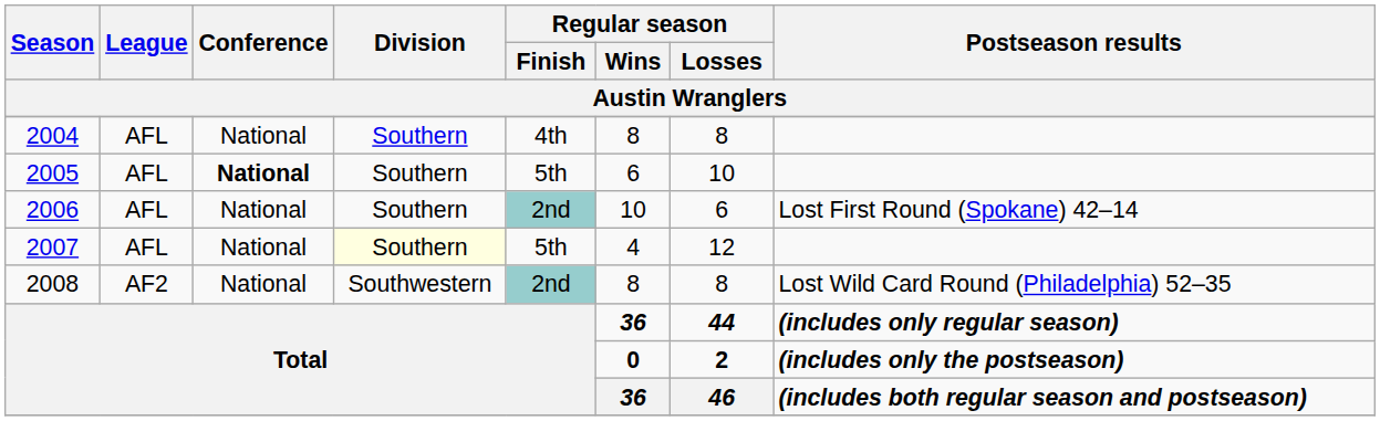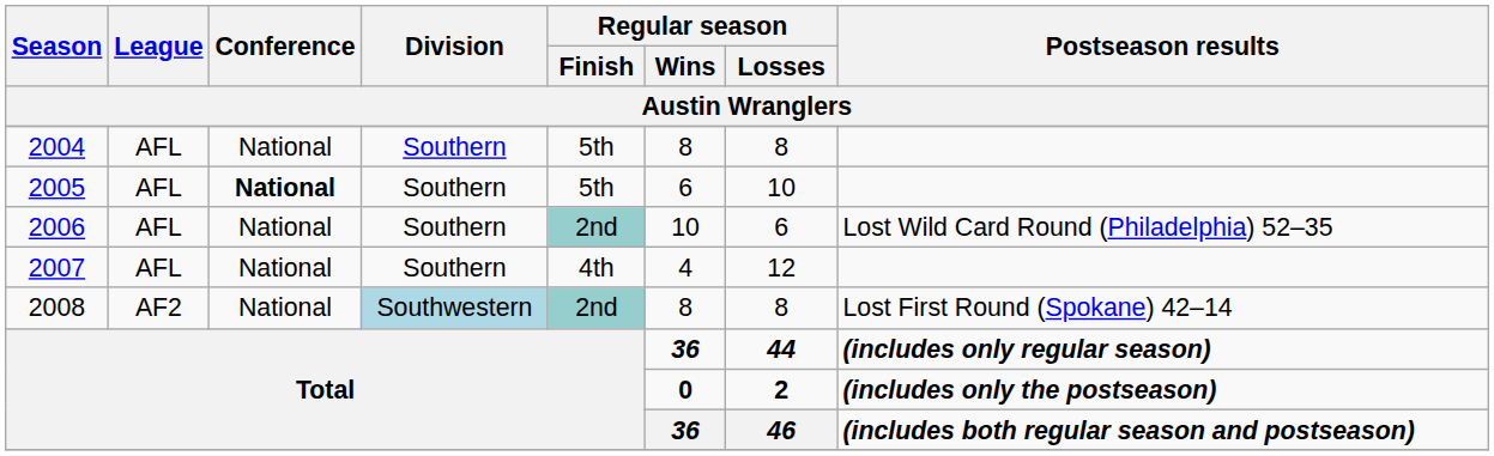 <table class="wikitable" style="font-size: 95%; width:70%;">
 <tr>
 <th rowspan="2" style="width:5%;"><a href='#'>Season</a></th>
 <th rowspan="2" style="width:5%;"><a href='#'>League</a></th>
 <th rowspan="2" style="width:5%;">Conference</th>
 <th rowspan="2">Division</th>
 <th colspan="3">Regular season</th>
 <th rowspan="2">Postseason results</th>
 </tr>
 <tr>
 <th>Finish</th>
 <th>Wins</th>
 <th>Losses</th>
 </tr>
 <tr>
 <th colspan="8">Austin Wranglers</th>
 </tr>
 <tr>
 </tr>
 <tr>
 <td align="center"><a href='#'>2004</a></td>
 <td align="center">AFL</td>
 <td align="center">National</td>
 <td align="center"><a href='#'>Southern</a></td>
-<td align="center">4th</td>
+<td align="center">5th</td>
 <td align="center">8</td>
 <td align="center">8</td>
 <td></td>
 </tr>
 <tr>
 <td align="center"><a href='#'>2005</a></td>
 <td align="center">AFL</td>
 <td align="center"><strong>National</strong></td>
 <td align="center">Southern</td>
 <td align="center">5th</td>
 <td align="center">6</td>
 <td align="center">10</td>
 <td></td>
 </tr>
 <tr>
 <td align="center"><a href='#'>2006</a></td>
 <td align="center">AFL</td>
 <td align="center">National</td>
 <td align="center">Southern</td>
 <td align="center" bgcolor="#96CDCD">2nd</td>
 <td align="center">10</td>
 <td align="center">6</td>
-<td>Lost First Round (<a href='#'>Spokane</a>) 42–14</td>
+<td>Lost Wild Card Round (<a href='#'>Philadelphia</a>) 52–35</td>
 </tr>
 <tr>
 <td align="center"><a href='#'>2007</a></td>
 <td align="center">AFL</td>
 <td align="center">National</td>
-<td align="center" style="background: lightyellow;">Southern</td>
-<td align="center">5th</td>
+<td align="center">Southern</td>
+<td align="center">4th</td>
 <td align="center">4</td>
 <td align="center">12</td>
 <td></td>
 </tr>
 <tr>
 <td align="center">2008</td>
 <td align="center">AF2</td>
 <td align="center">National</td>
-<td align="center">Southwestern</td>
+<td align="center" style="background: lightblue;">Southwestern</td>
 <td align="center" bgcolor="#96CDCD">2nd</td>
 <td align="center">8</td>
 <td align="center">8</td>
-<td>Lost Wild Card Round (<a href='#'>Philadelphia</a>) 52–35</td>
+<td>Lost First Round (<a href='#'>Spokane</a>) 42–14</td>
 </tr>
 <tr>
 <th align="center" rowSpan="3" colSpan="5">Total</th>
 <td align="center"><strong><em>36</em></strong></td>
 <td align="center"><strong><em>44</em></strong></td>
 <td colSpan="2"><strong><em>(includes only regular season)</em></strong></td>
 </tr>
 <tr>
 <td align="center"><strong>0</strong></td>
 <td align="center"><strong>2</strong></td>
 <td colSpan="2"><strong><em>(includes only the postseason)</em></strong></td>
 </tr>
 <tr>
 <th align="center"><em>36</em></th>
 <th align="center"><em>46</em></th>
 <td colSpan="2"><strong><em>(includes both regular season and postseason)</em></strong></td>
 </tr>
 <tr>
 </tr>
 </table>
